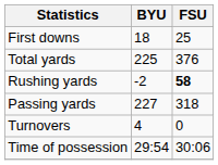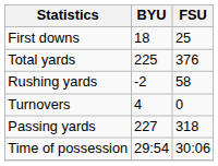 <table class="wikitable">
 <tr>
 <th>Statistics</th>
 <th>BYU</th>
 <th>FSU</th>
 </tr>
 <tr>
 <td>First downs</td>
 <td>18</td>
 <td>25</td>
 </tr>
 <tr>
 <td>Total yards</td>
 <td>225</td>
 <td>376</td>
 </tr>
 <tr>
 <td>Rushing yards</td>
 <td>-2</td>
-<td><strong>58</strong></td>
+<td>58</td>
+</tr>
+<tr>
+<td>Turnovers</td>
+<td>4</td>
+<td>0</td>
 </tr>
 <tr>
 <td>Passing yards</td>
 <td>227</td>
 <td>318</td>
-</tr>
-<tr>
-<td>Turnovers</td>
-<td>4</td>
-<td>0</td>
 </tr>
 <tr>
 <td>Time of possession</td>
 <td>29:54</td>
 <td>30:06</td>
 </tr>
 <tr>
 </tr>
 </table>
